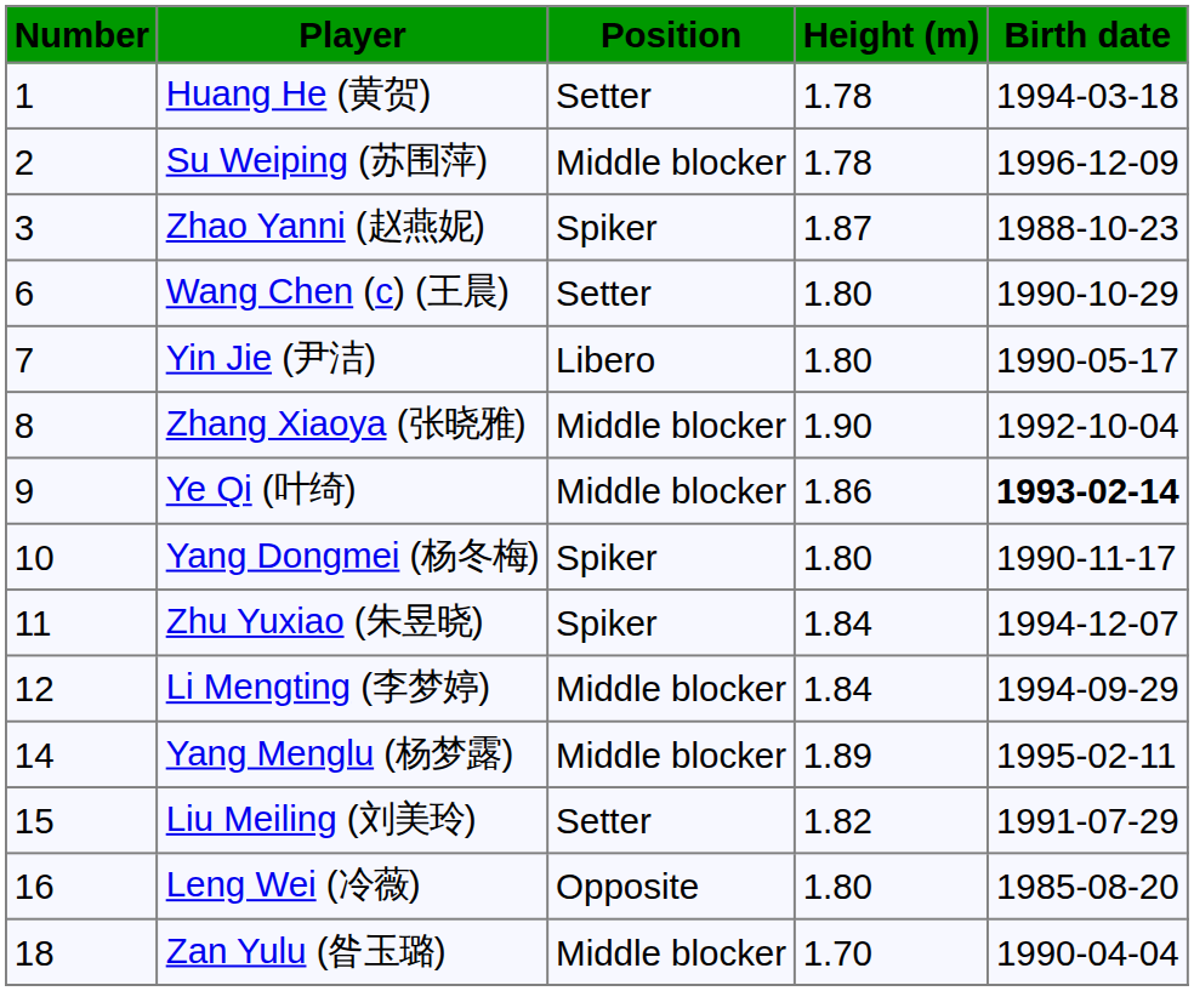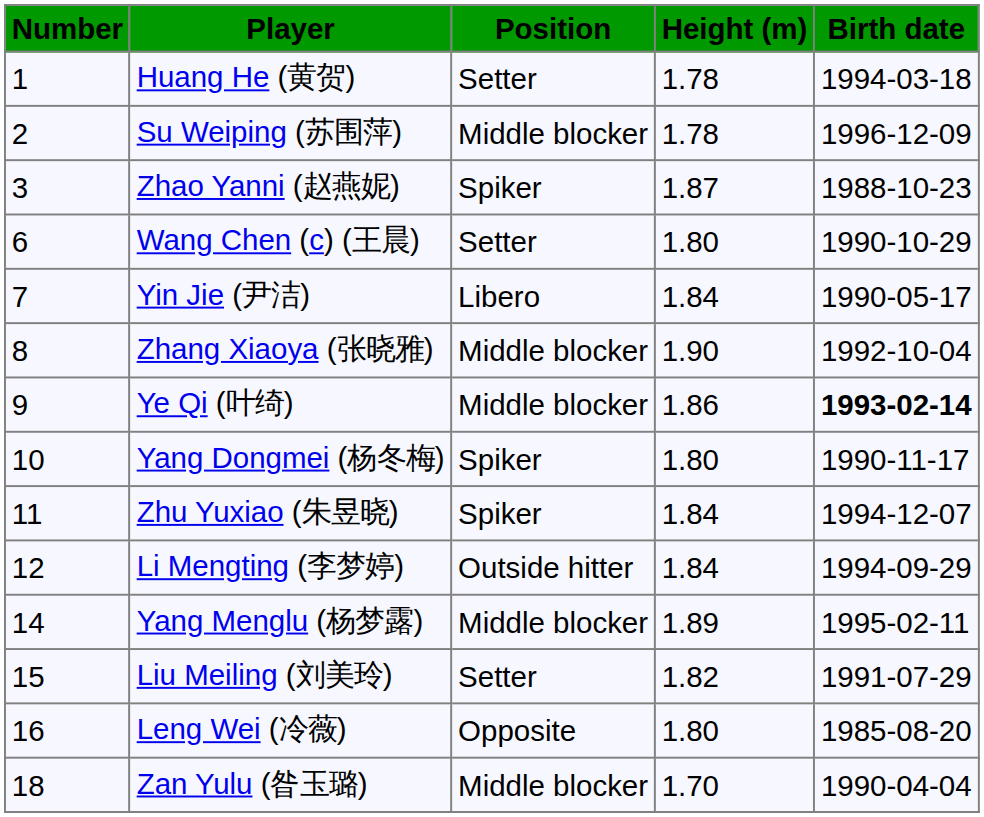 <table bgcolor="#f7f8ff" cellpadding="3" cellspacing="0" border="1" style="font-size: 95%; border: gray solid 1px; border-collapse: collapse;">
 <tr bgcolor="#009900">
 <td align=center><strong>Number</strong></td>
 <td align=center><strong>Player</strong></td>
 <td align=center><strong>Position</strong></td>
 <td align=center><strong>Height (m)</strong></td>
 <td align=center><strong>Birth date</strong></td>
 </tr>
 <tr align=left>
 <td>1</td>
 <td> <a href='#'>Huang He</a> (黄贺)</td>
 <td>Setter</td>
 <td>1.78</td>
 <td>1994-03-18</td>
 </tr>
 <tr align=left>
 <td>2</td>
 <td> <a href='#'>Su Weiping</a> (苏围萍)</td>
 <td>Middle blocker</td>
 <td>1.78</td>
 <td>1996-12-09</td>
 </tr>
 <tr align=left>
 <td>3</td>
 <td> <a href='#'>Zhao Yanni</a> (赵燕妮)</td>
 <td>Spiker</td>
 <td>1.87</td>
 <td>1988-10-23</td>
 </tr>
 <tr align=left>
 <td>6</td>
 <td> <a href='#'>Wang Chen</a> (<a href='#'>c</a>) (王晨)</td>
 <td>Setter</td>
 <td>1.80</td>
 <td>1990-10-29</td>
 </tr>
 <tr align="left">
 <td>7</td>
 <td> <a href='#'>Yin Jie</a> (尹洁)</td>
 <td>Libero</td>
-<td>1.80</td>
+<td>1.84</td>
 <td>1990-05-17</td>
 </tr>
 <tr align="left">
 <td>8</td>
 <td> <a href='#'>Zhang Xiaoya</a> (张晓雅)</td>
 <td>Middle blocker</td>
 <td>1.90</td>
 <td>1992-10-04</td>
 </tr>
 <tr align="left">
 <td>9</td>
 <td> <a href='#'>Ye Qi</a> (叶绮)</td>
 <td>Middle blocker</td>
 <td>1.86</td>
 <td><strong>1993-02-14</strong></td>
 </tr>
 <tr align="left">
 <td>10</td>
 <td> <a href='#'>Yang Dongmei</a> (杨冬梅)</td>
 <td>Spiker</td>
 <td>1.80</td>
 <td>1990-11-17</td>
 </tr>
 <tr align="left">
 <td>11</td>
 <td> <a href='#'>Zhu Yuxiao</a> (朱昱晓)</td>
 <td>Spiker</td>
 <td>1.84</td>
 <td>1994-12-07</td>
 </tr>
 <tr align="left">
 <td>12</td>
 <td> <a href='#'>Li Mengting</a> (李梦婷)</td>
-<td>Middle blocker</td>
+<td>Outside hitter</td>
 <td>1.84</td>
 <td>1994-09-29</td>
 </tr>
 <tr align="left">
 <td>14</td>
 <td> <a href='#'>Yang Menglu</a> (杨梦露)</td>
 <td>Middle blocker</td>
 <td>1.89</td>
 <td>1995-02-11</td>
 </tr>
 <tr align="left">
 <td>15</td>
 <td> <a href='#'>Liu Meiling</a> (刘美玲)</td>
 <td>Setter</td>
 <td>1.82</td>
 <td>1991-07-29</td>
 </tr>
 <tr align="left">
 <td>16</td>
 <td> <a href='#'>Leng Wei</a> (冷薇)</td>
 <td>Opposite</td>
 <td>1.80</td>
 <td>1985-08-20</td>
 </tr>
 <tr align="left">
 <td>18</td>
 <td> <a href='#'>Zan Yulu</a> (昝玉璐)</td>
 <td>Middle blocker</td>
 <td>1.70</td>
 <td>1990-04-04</td>
 </tr>
 <tr align="left">
 </tr>
 </table>
